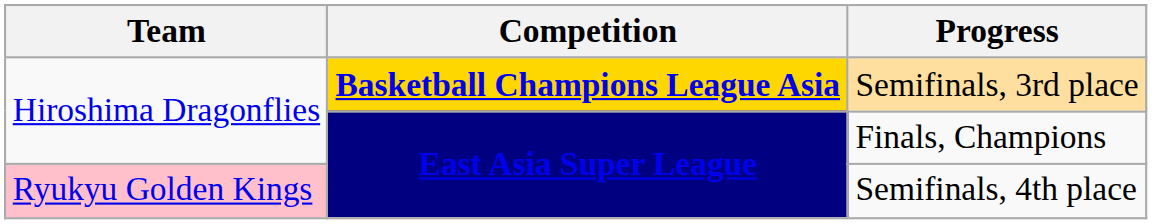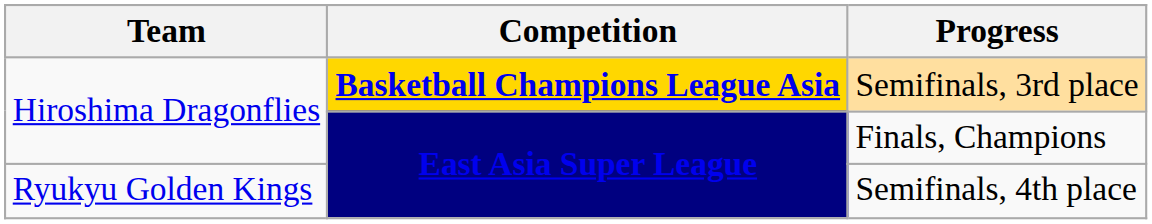 <table class="wikitable sortable">
 <tr>
 <th>Team</th>
 <th>Competition</th>
 <th>Progress</th>
 </tr>
 <tr>
 <td rowspan=2><a href='#'>Hiroshima Dragonflies</a></td>
 <td style="background-color:#FFD700;color:white;text-align:center"><strong><a href='#'><span>Basketball Champions League Asia</span></a></strong></td>
 <td style="background-color:#ffdf9f">Semifinals, 3rd place</td>
 </tr>
 <tr>
 <td rowspan="2" style="background-color:#000080;color:white;text-align:center"><strong><a href='#'><span>East Asia Super League</span></a></strong></td>
 <td>Finals, Champions</td>
 </tr>
 <tr>
-<td style="background: pink;"><a href='#'>Ryukyu Golden Kings</a></td>
+<td><a href='#'>Ryukyu Golden Kings</a></td>
 <td>Semifinals, 4th place</td>
 </tr>
 </table>
